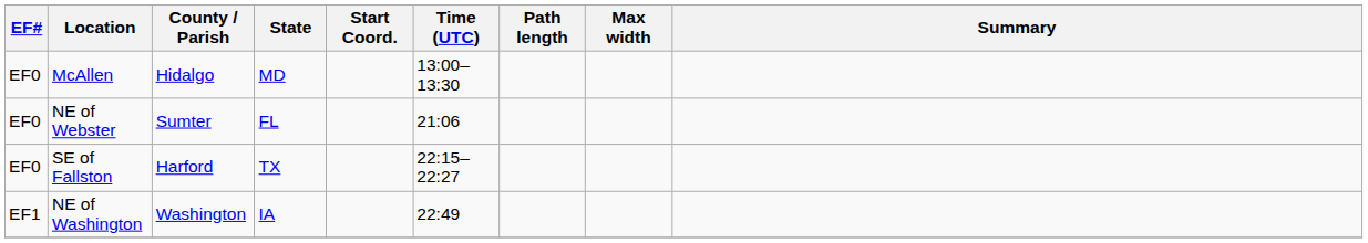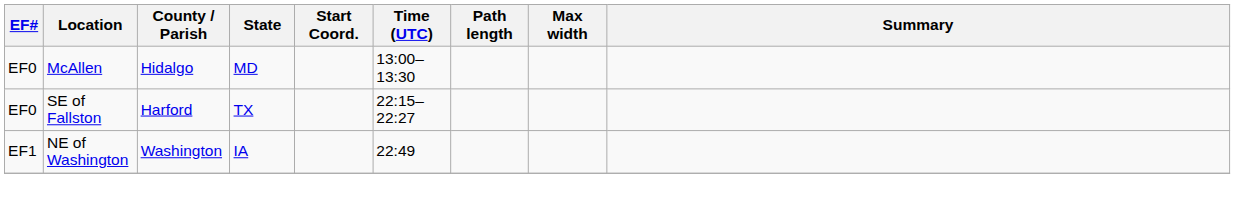 <table class="wikitable sortable" style="width:100%;">
 <tr>
 <th scope="col"  style="width:3%; text-align:center;"><a href='#'>EF#</a></th>
 <th scope="col"  style="width:7%; text-align:center;" class="unsortable">Location</th>
 <th scope="col"  style="width:6%; text-align:center;" class="unsortable">County / Parish</th>
 <th scope="col"  style="width:5%; text-align:center;">State</th>
 <th scope="col"  style="width:6%; text-align:center;">Start Coord.</th>
 <th scope="col"  style="width:6%; text-align:center;">Time (<a href='#'>UTC</a>)</th>
 <th scope="col"  style="width:6%; text-align:center;">Path length</th>
 <th scope="col"  style="width:6%; text-align:center;">Max width</th>
 <th scope="col" class="unsortable" style="width:48%; text-align:center;">Summary</th>
 </tr>
 <tr>
 <td>EF0</td>
 <td><a href='#'>McAllen</a></td>
 <td><a href='#'>Hidalgo</a></td>
 <td><a href='#'>MD</a></td>
 <td></td>
 <td>13:00–13:30</td>
-<td></td>
-<td></td>
-<td></td>
-</tr>
-<tr>
-<td>EF0</td>
-<td>NE of <a href='#'>Webster</a></td>
-<td><a href='#'>Sumter</a></td>
-<td><a href='#'>FL</a></td>
-<td></td>
-<td>21:06</td>
 <td></td>
 <td></td>
 <td></td>
 </tr>
 <tr>
 <td>EF0</td>
 <td>SE of <a href='#'>Fallston</a></td>
 <td><a href='#'>Harford</a></td>
 <td><a href='#'>TX</a></td>
 <td></td>
 <td>22:15–22:27</td>
 <td></td>
 <td></td>
 <td></td>
 </tr>
 <tr>
 <td>EF1</td>
 <td>NE of <a href='#'>Washington</a></td>
 <td><a href='#'>Washington</a></td>
 <td><a href='#'>IA</a></td>
 <td></td>
 <td>22:49</td>
 <td></td>
 <td></td>
 <td></td>
 </tr>
 <tr>
 </tr>
 </table>
